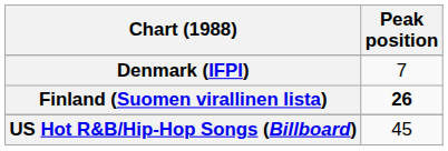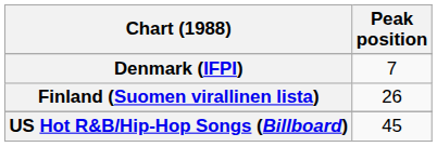 <table class="wikitable sortable plainrowheaders" style="text-align:center">
 <tr>
 <th scope="col">Chart (1988)</th>
 <th scope="col">Peak<br>position</th>
 </tr>
 <tr>
 </tr>
 <tr>
 </tr>
 <tr>
 <th scope="row">Denmark (<a href='#'>IFPI</a>)</th>
 <td>7</td>
 </tr>
 <tr>
 <th scope="row">Finland (<a href='#'>Suomen virallinen lista</a>)</th>
-<td><strong>26</strong></td>
+<td>26</td>
 </tr>
 <tr>
 </tr>
 <tr>
 </tr>
 <tr>
 </tr>
 <tr>
 </tr>
 <tr>
 </tr>
 <tr>
 </tr>
 <tr>
 </tr>
 <tr>
 <th scope="row">US <a href='#'>Hot R&B/Hip-Hop Songs</a> (<em><a href='#'>Billboard</a></em>)</th>
 <td>45</td>
 </tr>
 <tr>
 </tr>
 </table>
